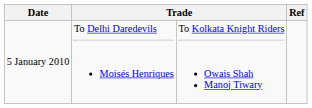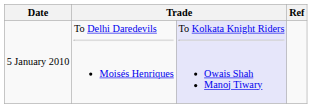 <table class="wikitable" style="text-align:center">
 <tr>
 <th>Date</th>
 <th colspan=2>Trade</th>
 <th>Ref</th>
 </tr>
 <tr>
 <td>5 January 2010</td>
 <td align=left valign=top>To <a href='#'>Delhi Daredevils</a><hr><br><ul><li> <a href='#'>Moisés Henriques</a></li></ul></td>
-<td align=left valign=top>To <a href='#'>Kolkata Knight Riders</a><hr><br><ul><li> <a href='#'>Owais Shah</a></li><li> <a href='#'>Manoj Tiwary</a></li></ul></td>
+<td align=left valign=top style="background: lavender;">To <a href='#'>Kolkata Knight Riders</a><hr><br><ul><li> <a href='#'>Owais Shah</a></li><li> <a href='#'>Manoj Tiwary</a></li></ul></td>
 <td></td>
 </tr>
 </table>
